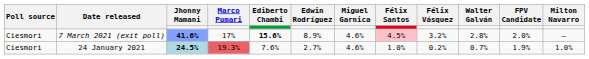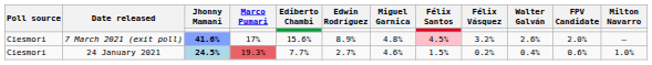 <table class="wikitable" style="text-align:center;font-size:90%;line-height:14px;">
 <tr>
 <th rowspan="2">Poll source</th>
 <th rowspan="2">Date released</th>
 <th style="width:60px">Jhonny Mamani</th>
 <th style="width:60px"><a href='#'>Marco Pumari</a></th>
 <th style="width:60px">Ediberto Chambi</th>
 <th style="width:60px">Edwin Rodríguez</th>
 <th style="width:60px">Miguel Garnica</th>
 <th style="width:60px">Félix Santos</th>
 <th style="width:60px">Félix Vásquez</th>
 <th style="width:60px">Walter Galván</th>
 <th style="width:60px">FPV Candidate</th>
 <th style="width:60px">Milton Navarro</th>
 </tr>
 <tr>
 <td style="background:"></td>
 <td style="background:"></td>
 <td style="background:#009D36;"></td>
 <td style="background:"></td>
 <td style="background:"></td>
 <td style="background:#E3001B;"></td>
 <td style="background:"></td>
 <td style="background:"></td>
 <td style="background:"></td>
 <td style="background:"></td>
 </tr>
 <tr>
 <td style="text-align:left;">Ciesmori</td>
 <td><em>7 March 2021 (exit poll)</em></td>
 <td style="background:#809fff"><strong>41.6%</strong></td>
 <td>17%</td>
-<td><strong>15.6%</strong></td>
+<td>15.6%</td>
 <td>8.9%</td>
-<td>4.6%</td>
+<td>4.8%</td>
 <td style="background: pink;">4.5%</td>
 <td>3.2%</td>
-<td>2.8%</td>
+<td>2.6%</td>
 <td>2.0%</td>
 <td>–</td>
 </tr>
 <tr>
 <td style="text-align:left;">Ciesmori</td>
 <td>24 January 2021</td>
 <td style="background:lightblue"><strong>24.5%</strong></td>
 <td style="background:#EA6067">19.3%</td>
-<td>7.6%</td>
+<td>7.7%</td>
 <td>2.7%</td>
 <td>4.6%</td>
-<td>1.0%</td>
+<td>1.5%</td>
 <td>0.2%</td>
-<td>0.7%</td>
-<td>1.9%</td>
+<td>0.4%</td>
+<td>0.6%</td>
 <td>1.0%</td>
 </tr>
 </table>
